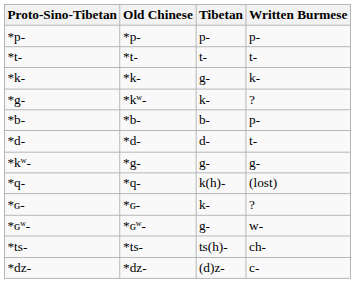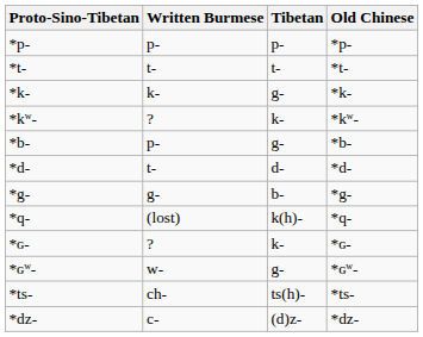 <table class="wikitable">
 <tr>
 <th>Proto-Sino-Tibetan</th>
+<th>Written Burmese</th>
+<th>Tibetan</th>
 <th>Old Chinese</th>
-<th>Tibetan</th>
-<th>Written Burmese</th>
 </tr>
 <tr>
 <td>*p-</td>
-<td>*p-</td>
 <td>p-</td>
 <td>p-</td>
+<td>*p-</td>
 </tr>
 <tr>
 <td>*t-</td>
-<td>*t-</td>
 <td>t-</td>
 <td>t-</td>
+<td>*t-</td>
 </tr>
 <tr>
 <td>*k-</td>
+<td>k-</td>
+<td>g-</td>
 <td>*k-</td>
+</tr>
+<tr>
+<td>*kʷ-</td>
+<td>?</td>
+<td>k-</td>
+<td>*kʷ-</td>
+</tr>
+<tr>
+<td>*b-</td>
+<td>p-</td>
 <td>g-</td>
-<td>k-</td>
+<td>*b-</td>
+</tr>
+<tr>
+<td>*d-</td>
+<td>t-</td>
+<td>d-</td>
+<td>*d-</td>
 </tr>
 <tr>
 <td>*g-</td>
-<td>*kʷ-</td>
-<td>k-</td>
-<td>?</td>
-</tr>
-<tr>
-<td>*b-</td>
-<td>*b-</td>
+<td>g-</td>
 <td>b-</td>
-<td>p-</td>
-</tr>
-<tr>
-<td>*d-</td>
-<td>*d-</td>
-<td>d-</td>
-<td>t-</td>
-</tr>
-<tr>
-<td>*kʷ-</td>
 <td>*g-</td>
-<td>g-</td>
-<td>g-</td>
 </tr>
 <tr>
 <td>*q-</td>
+<td>(lost)</td>
+<td>k(h)-</td>
 <td>*q-</td>
-<td>k(h)-</td>
-<td>(lost)</td>
 </tr>
 <tr>
 <td>*ɢ-</td>
+<td>?</td>
+<td>k-</td>
 <td>*ɢ-</td>
-<td>k-</td>
-<td>?</td>
 </tr>
 <tr>
 <td>*ɢʷ-</td>
+<td>w-</td>
+<td>g-</td>
 <td>*ɢʷ-</td>
-<td>g-</td>
-<td>w-</td>
 </tr>
 <tr>
 <td>*ts-</td>
+<td>ch-</td>
+<td>ts(h)-</td>
 <td>*ts-</td>
-<td>ts(h)-</td>
-<td>ch-</td>
 </tr>
 <tr>
 <td>*dz-</td>
+<td>c-</td>
+<td>(d)z-</td>
 <td>*dz-</td>
-<td>(d)z-</td>
-<td>c-</td>
 </tr>
 </table>
